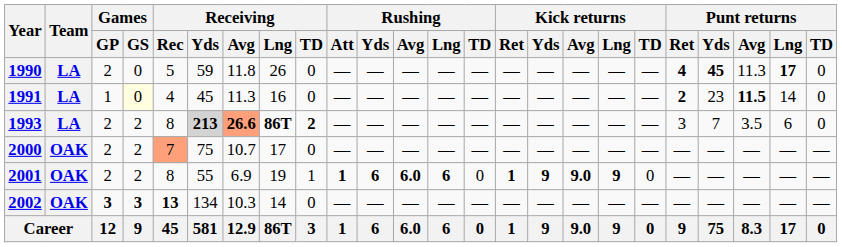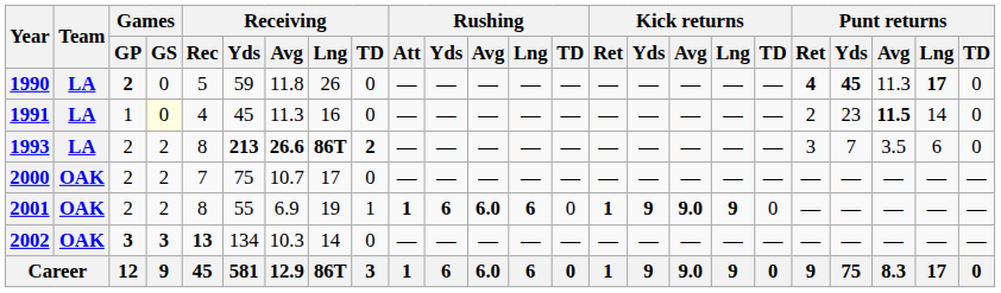 <table class="wikitable" style="text-align:center;">
 <tr>
 <th rowspan="2">Year</th>
 <th rowspan="2">Team</th>
 <th colspan="2">Games</th>
 <th colspan="5">Receiving</th>
 <th colspan="5">Rushing</th>
 <th colspan="5">Kick returns</th>
 <th colspan="5">Punt returns</th>
 </tr>
 <tr>
 <th>GP</th>
 <th>GS</th>
 <th>Rec</th>
 <th>Yds</th>
 <th>Avg</th>
 <th>Lng</th>
 <th>TD</th>
 <th>Att</th>
 <th>Yds</th>
 <th>Avg</th>
 <th>Lng</th>
 <th>TD</th>
 <th>Ret</th>
 <th>Yds</th>
 <th>Avg</th>
 <th>Lng</th>
 <th>TD</th>
 <th>Ret</th>
 <th>Yds</th>
 <th>Avg</th>
 <th>Lng</th>
 <th>TD</th>
 </tr>
 <tr>
 <th><a href='#'>1990</a></th>
 <th><a href='#'>LA</a></th>
-<td>2</td>
+<td><strong>2</strong></td>
 <td>0</td>
 <td>5</td>
 <td>59</td>
 <td>11.8</td>
 <td>26</td>
 <td>0</td>
 <td>—</td>
 <td>—</td>
 <td>—</td>
 <td>—</td>
 <td>—</td>
 <td>—</td>
 <td>—</td>
 <td>—</td>
 <td>—</td>
 <td>—</td>
 <td><strong>4</strong></td>
 <td><strong>45</strong></td>
 <td>11.3</td>
 <td><strong>17</strong></td>
 <td>0</td>
 </tr>
 <tr>
 <th><a href='#'>1991</a></th>
 <th><a href='#'>LA</a></th>
 <td>1</td>
 <td style="background: lightyellow;">0</td>
 <td>4</td>
 <td>45</td>
 <td>11.3</td>
 <td>16</td>
 <td>0</td>
 <td>—</td>
 <td>—</td>
 <td>—</td>
 <td>—</td>
 <td>—</td>
 <td>—</td>
 <td>—</td>
 <td>—</td>
 <td>—</td>
 <td>—</td>
-<td><strong>2</strong></td>
+<td>2</td>
 <td>23</td>
 <td><strong>11.5</strong></td>
 <td>14</td>
 <td>0</td>
 </tr>
 <tr>
 <th><a href='#'>1993</a></th>
 <th><a href='#'>LA</a></th>
 <td>2</td>
 <td>2</td>
 <td>8</td>
-<td style="background: lightgrey;"><strong>213</strong></td>
-<td style="background: lightsalmon;"><strong>26.6</strong></td>
+<td><strong>213</strong></td>
+<td><strong>26.6</strong></td>
 <td><strong>86T</strong></td>
 <td><strong>2</strong></td>
 <td>—</td>
 <td>—</td>
 <td>—</td>
 <td>—</td>
 <td>—</td>
 <td>—</td>
 <td>—</td>
 <td>—</td>
 <td>—</td>
 <td>—</td>
 <td>3</td>
 <td>7</td>
 <td>3.5</td>
 <td>6</td>
 <td>0</td>
 </tr>
 <tr>
 <th><a href='#'>2000</a></th>
 <th><a href='#'>OAK</a></th>
 <td>2</td>
 <td>2</td>
-<td style="background: lightsalmon;">7</td>
+<td>7</td>
 <td>75</td>
 <td>10.7</td>
 <td>17</td>
 <td>0</td>
 <td>—</td>
 <td>—</td>
 <td>—</td>
 <td>—</td>
 <td>—</td>
 <td>—</td>
 <td>—</td>
 <td>—</td>
 <td>—</td>
 <td>—</td>
 <td>—</td>
 <td>—</td>
 <td>—</td>
 <td>—</td>
 <td>—</td>
 </tr>
 <tr>
 <th><a href='#'>2001</a></th>
 <th><a href='#'>OAK</a></th>
 <td>2</td>
 <td>2</td>
 <td>8</td>
 <td>55</td>
 <td>6.9</td>
 <td>19</td>
 <td>1</td>
 <td><strong>1</strong></td>
 <td><strong>6</strong></td>
 <td><strong>6.0</strong></td>
 <td><strong>6</strong></td>
 <td>0</td>
 <td><strong>1</strong></td>
 <td><strong>9</strong></td>
 <td><strong>9.0</strong></td>
 <td><strong>9</strong></td>
 <td>0</td>
 <td>—</td>
 <td>—</td>
 <td>—</td>
 <td>—</td>
 <td>—</td>
 </tr>
 <tr>
 <th><a href='#'>2002</a></th>
 <th><a href='#'>OAK</a></th>
 <td><strong>3</strong></td>
 <td><strong>3</strong></td>
 <td><strong>13</strong></td>
 <td>134</td>
 <td>10.3</td>
 <td>14</td>
 <td>0</td>
 <td>—</td>
 <td>—</td>
 <td>—</td>
 <td>—</td>
 <td>—</td>
 <td>—</td>
 <td>—</td>
 <td>—</td>
 <td>—</td>
 <td>—</td>
 <td>—</td>
 <td>—</td>
 <td>—</td>
 <td>—</td>
 <td>—</td>
 </tr>
 <tr>
 <th colspan="2">Career</th>
 <th>12</th>
 <th>9</th>
 <th>45</th>
 <th>581</th>
 <th>12.9</th>
 <th>86T</th>
 <th>3</th>
 <th>1</th>
 <th>6</th>
 <th>6.0</th>
 <th>6</th>
 <th>0</th>
 <th>1</th>
 <th>9</th>
 <th>9.0</th>
 <th>9</th>
 <th>0</th>
 <th>9</th>
 <th>75</th>
 <th>8.3</th>
 <th>17</th>
 <th>0</th>
 </tr>
 </table>
